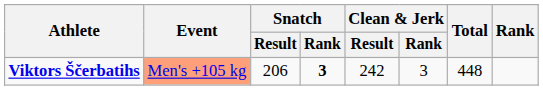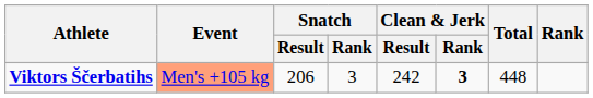 <table class="wikitable" style="font-size:90%">
 <tr>
 <th rowspan="2">Athlete</th>
 <th rowspan="2">Event</th>
 <th colspan="2">Snatch</th>
 <th colspan="2">Clean & Jerk</th>
 <th rowspan="2">Total</th>
 <th rowspan="2">Rank</th>
 </tr>
 <tr style="font-size:95%">
 <th>Result</th>
 <th>Rank</th>
 <th>Result</th>
 <th>Rank</th>
 </tr>
 <tr align=center>
 <td align=left><strong><a href='#'>Viktors Ščerbatihs</a></strong></td>
 <td align=left style="background: lightsalmon;"><a href='#'>Men's +105 kg</a></td>
 <td>206</td>
+<td>3</td>
+<td>242</td>
 <td><strong>3</strong></td>
-<td>242</td>
-<td>3</td>
 <td>448</td>
 <td></td>
 </tr>
 </table>
